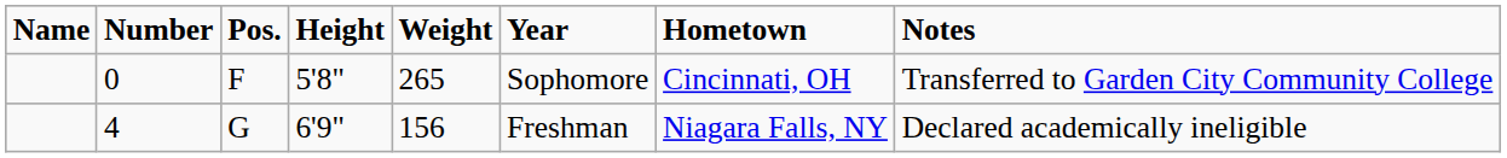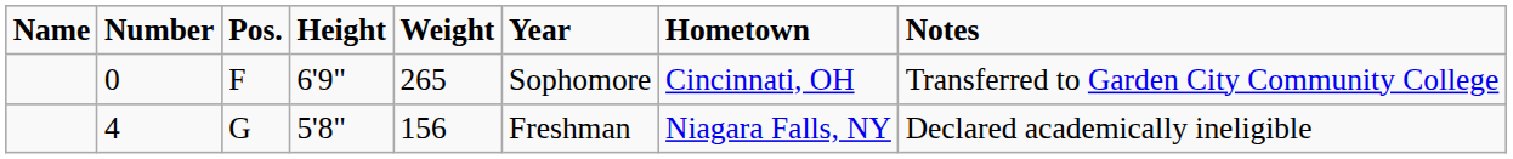 <table class="wikitable sortable" border="1">
 <tr>
 <td><strong>Name</strong></td>
 <td><strong>Number</strong></td>
 <td><strong>Pos.</strong></td>
 <td><strong>Height</strong></td>
 <td><strong>Weight</strong></td>
 <td><strong>Year</strong></td>
 <td><strong>Hometown</strong></td>
 <td><strong>Notes</strong></td>
 </tr>
 <tr>
 <td></td>
 <td>0</td>
 <td>F</td>
-<td>5'8"</td>
+<td>6'9"</td>
 <td>265</td>
 <td>Sophomore</td>
 <td><a href='#'>Cincinnati, OH</a></td>
 <td>Transferred to <a href='#'>Garden City Community College</a></td>
 </tr>
 <tr>
 <td></td>
 <td>4</td>
 <td>G</td>
-<td>6'9"</td>
+<td>5'8"</td>
 <td>156</td>
 <td>Freshman</td>
 <td><a href='#'>Niagara Falls, NY</a></td>
 <td>Declared academically ineligible</td>
 </tr>
 </table>
